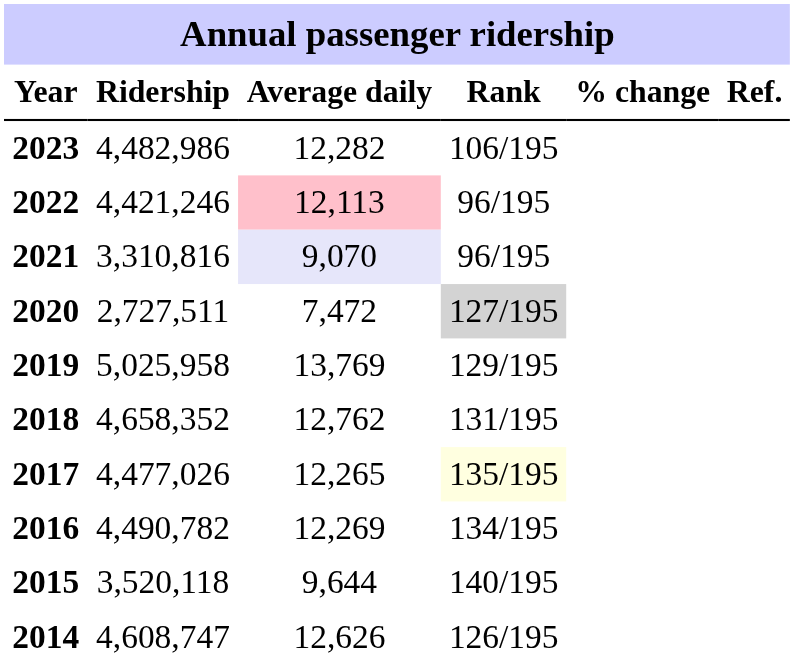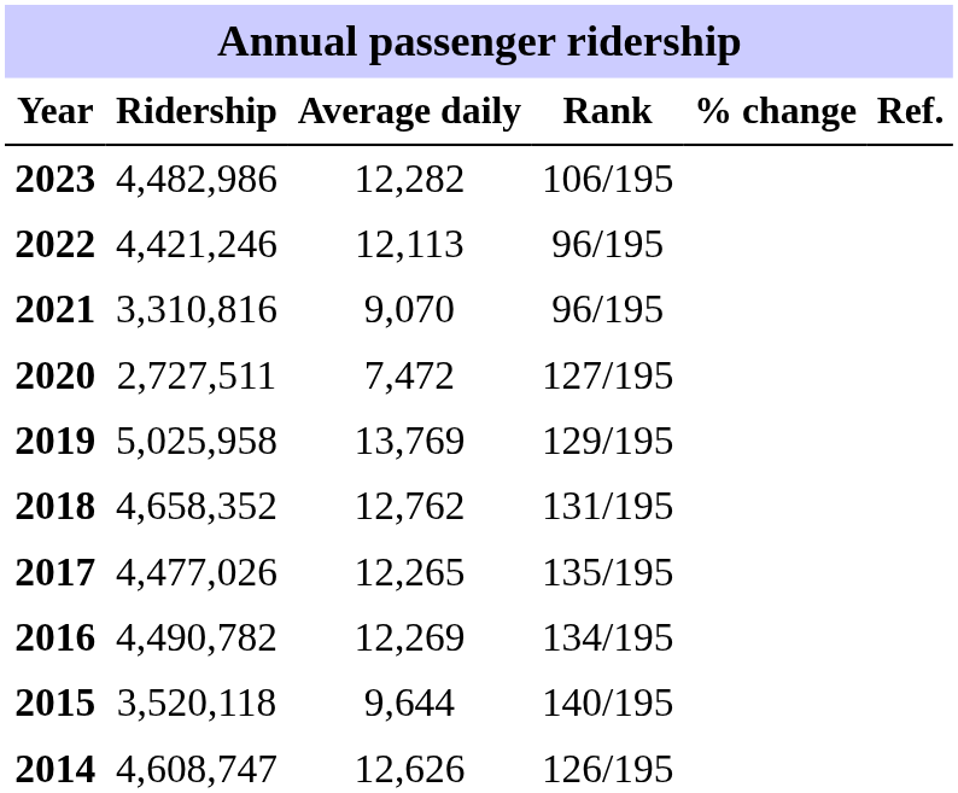 <table class="toccolours" cellpadding="4" cellspacing="0" style="text-align:right;">
 <tr>
 <th colspan="6"  style="background-color:#ccf; background-color:#ccf; font-size:110%; text-align:center;">Annual passenger ridership</th>
 </tr>
 <tr style="font-size:95%; text-align:center">
 <th style="border-bottom:1px solid black">Year</th>
 <th style="border-bottom:1px solid black">Ridership</th>
 <th style="border-bottom:1px solid black">Average daily</th>
 <th style="border-bottom:1px solid black">Rank</th>
 <th style="border-bottom:1px solid black">% change</th>
 <th style="border-bottom:1px solid black">Ref.</th>
 </tr>
 <tr style="text-align:center;">
 <td><strong>2023</strong></td>
 <td>4,482,986</td>
 <td>12,282</td>
 <td>106/195</td>
 <td></td>
 <td></td>
 </tr>
 <tr style="text-align:center;">
 <td><strong>2022</strong></td>
 <td>4,421,246</td>
-<td style="background: pink;">12,113</td>
+<td>12,113</td>
 <td>96/195</td>
 <td></td>
 <td></td>
 </tr>
 <tr style="text-align:center;">
 <td><strong>2021</strong></td>
 <td>3,310,816</td>
-<td style="background: lavender;">9,070</td>
+<td>9,070</td>
 <td>96/195</td>
 <td></td>
 <td></td>
 </tr>
 <tr style="text-align:center;">
 <td><strong>2020</strong></td>
 <td>2,727,511</td>
 <td>7,472</td>
-<td style="background: lightgrey;">127/195</td>
+<td>127/195</td>
 <td></td>
 <td></td>
 </tr>
 <tr style="text-align:center;">
 <td><strong>2019</strong></td>
 <td>5,025,958</td>
 <td>13,769</td>
 <td>129/195</td>
 <td></td>
 <td></td>
 </tr>
 <tr style="text-align:center;">
 <td><strong>2018</strong></td>
 <td>4,658,352</td>
 <td>12,762</td>
 <td>131/195</td>
 <td></td>
 <td></td>
 </tr>
 <tr style="text-align:center;">
 <td><strong>2017</strong></td>
 <td>4,477,026</td>
 <td>12,265</td>
-<td style="background: lightyellow;">135/195</td>
+<td>135/195</td>
 <td></td>
 <td></td>
 </tr>
 <tr style="text-align:center;">
 <td><strong>2016</strong></td>
 <td>4,490,782</td>
 <td>12,269</td>
 <td>134/195</td>
 <td></td>
 <td></td>
 </tr>
 <tr style="text-align:center;">
 <td><strong>2015</strong></td>
 <td>3,520,118</td>
 <td>9,644</td>
 <td>140/195</td>
 <td></td>
 <td></td>
 </tr>
 <tr style="text-align:center;">
 <td><strong>2014</strong></td>
 <td>4,608,747</td>
 <td>12,626</td>
 <td>126/195</td>
 <td></td>
 <td></td>
 </tr>
 </table>
